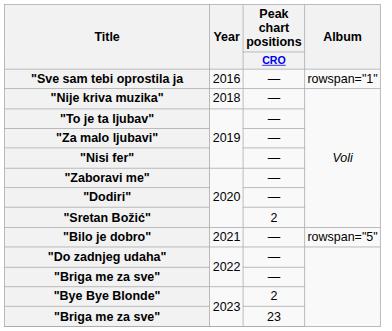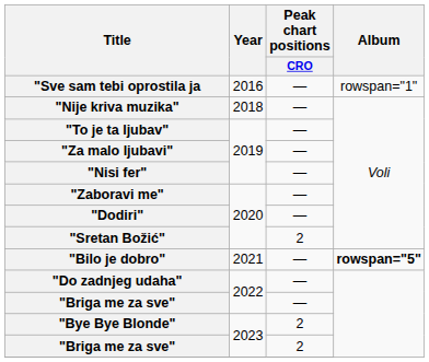 <table class="wikitable plainrowheaders" style="text-align:center;">
 <tr>
 <th scope="col" rowspan="2" style="width:16em;">Title</th>
 <th scope="col" rowspan="2" style="width:1em;">Year</th>
 <th scope="col" colspan="1">Peak chart positions</th>
 <th scope="col" rowspan="2">Album</th>
 </tr>
 <tr>
 <th scope="col" style="width:3em;font-size:85%;"><a href='#'>CRO</a><br></th>
 </tr>
 <tr>
 <th scope="row">"Sve sam tebi oprostila ja</th>
 <td rowspan="1">2016</td>
 <td>—</td>
 <td>rowspan="1" </td>
 </tr>
 <tr>
 <th scope="row">"Nije kriva muzika"</th>
 <td rowspan="1">2018</td>
 <td>—</td>
 <td rowspan="7"><em>Voli</em></td>
 </tr>
 <tr>
 <th scope="row">"To je ta ljubav"</th>
 <td rowspan="3">2019</td>
 <td>—</td>
 </tr>
 <tr>
 <th scope="row">"Za malo ljubavi"</th>
 <td>—</td>
 </tr>
 <tr>
 <th scope="row">"Nisi fer"</th>
 <td>—</td>
 </tr>
 <tr>
 <th scope="row">"Zaboravi me"</th>
 <td rowspan="3">2020</td>
 <td>—</td>
 </tr>
 <tr>
 <th scope="row">"Dodiri"</th>
 <td>—</td>
 </tr>
 <tr>
 <th scope="row">"Sretan Božić"</th>
 <td>2</td>
 </tr>
 <tr>
 <th scope="row">"Bilo je dobro"</th>
 <td>2021</td>
 <td>—</td>
-<td>rowspan="5" </td>
+<td><strong>rowspan="5" </strong></td>
 </tr>
 <tr>
 <th scope="row">"Do zadnjeg udaha"</th>
 <td rowspan="2">2022</td>
 <td>—</td>
 </tr>
 <tr>
 <th scope="row">"Briga me za sve"</th>
 <td>—</td>
 </tr>
 <tr>
 <th scope="row">"Bye Bye Blonde"</th>
 <td rowspan="2">2023</td>
 <td>2</td>
 </tr>
 <tr>
 <th scope="row">"Briga me za sve"</th>
-<td>23</td>
+<td>2</td>
 </tr>
 <tr>
 </tr>
 </table>
